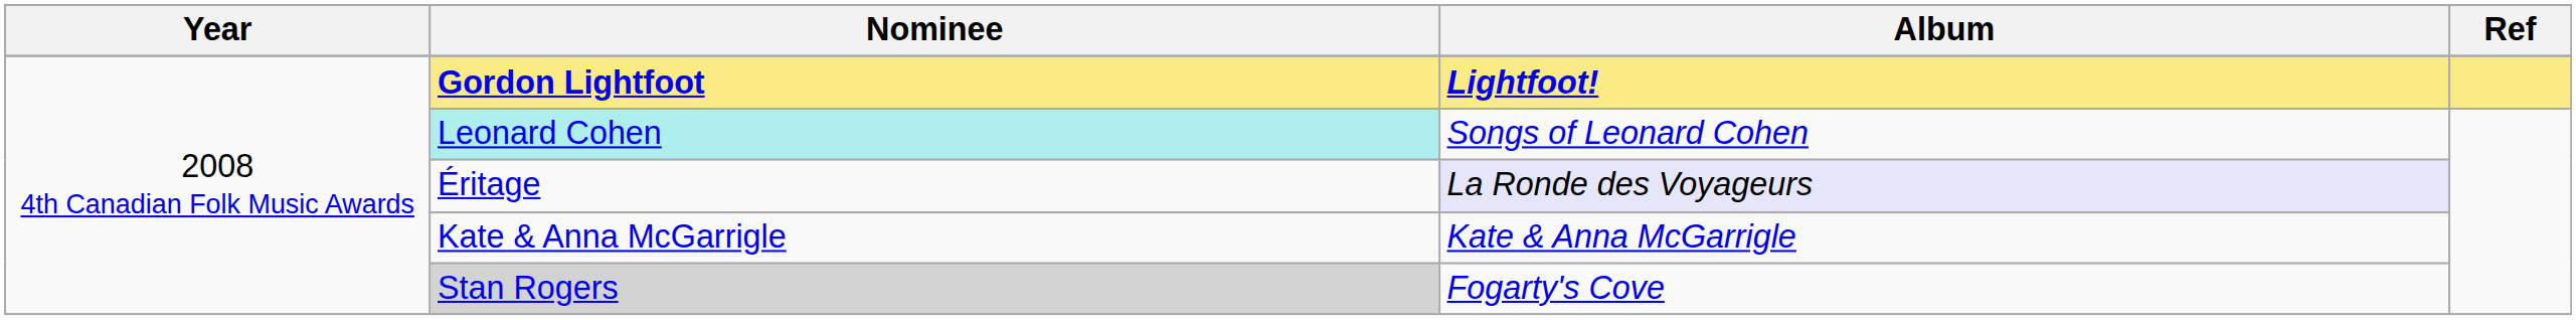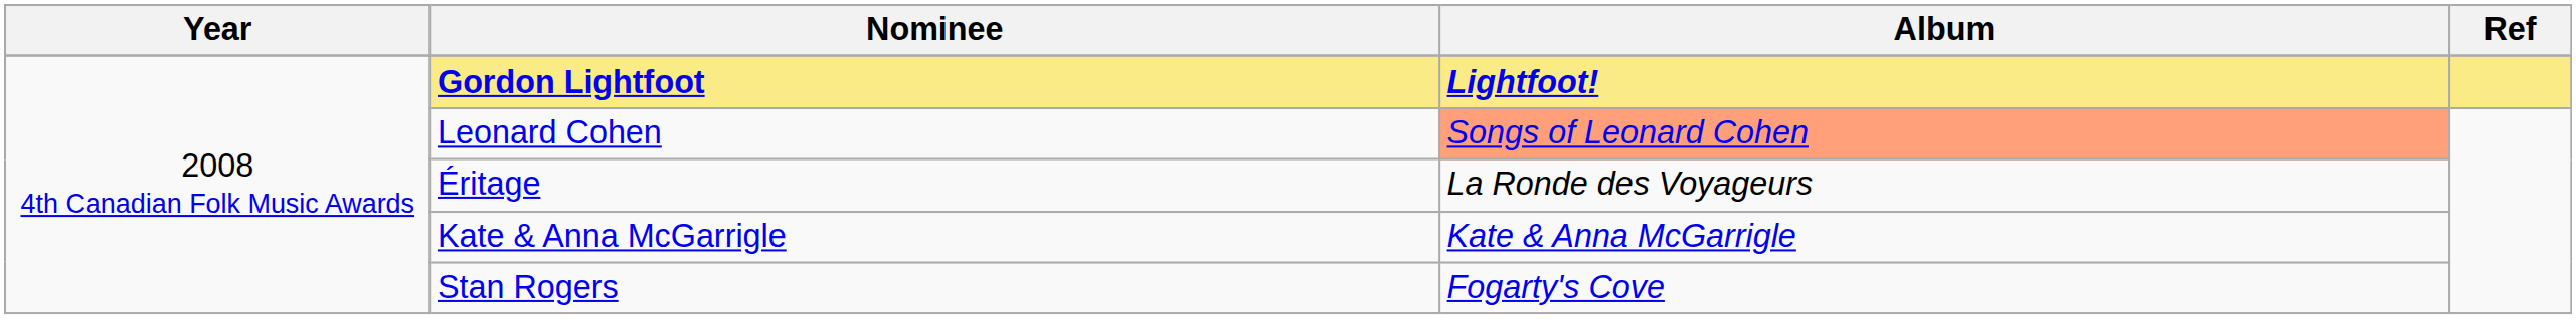 <table class="wikitable" style="width:100%;">
 <tr style="background:#bebebe;">
 <th style="width:8%;">Year</th>
 <th style="width:19%;">Nominee</th>
 <th style="width:19%;">Album</th>
 <th style="width:2%;">Ref</th>
 </tr>
 <tr>
 </tr>
 <tr>
 <td rowspan="6" align="center">2008 <br> <small><a href='#'>4th Canadian Folk Music Awards</a></small></td>
 </tr>
 <tr style="background:#FAEB86;">
 <td><strong><a href='#'>Gordon Lightfoot</a></strong></td>
 <td><strong><em><a href='#'>Lightfoot!</a></em></strong></td>
 <td></td>
 </tr>
 <tr>
-<td style="background: paleturquoise;"><a href='#'>Leonard Cohen</a></td>
-<td><em><a href='#'>Songs of Leonard Cohen</a></em></td>
+<td><a href='#'>Leonard Cohen</a></td>
+<td style="background: lightsalmon;"><em><a href='#'>Songs of Leonard Cohen</a></em></td>
 <td rowspan=4></td>
 </tr>
 <tr>
 <td><a href='#'>Éritage</a></td>
-<td style="background: lavender;"><em>La Ronde des Voyageurs</em></td>
+<td><em>La Ronde des Voyageurs</em></td>
 </tr>
 <tr>
 <td><a href='#'>Kate & Anna McGarrigle</a></td>
 <td><em><a href='#'>Kate & Anna McGarrigle</a></em></td>
 </tr>
 <tr>
-<td style="background: lightgrey;"><a href='#'>Stan Rogers</a></td>
+<td><a href='#'>Stan Rogers</a></td>
 <td><em><a href='#'>Fogarty's Cove</a></em></td>
 </tr>
 </table>
